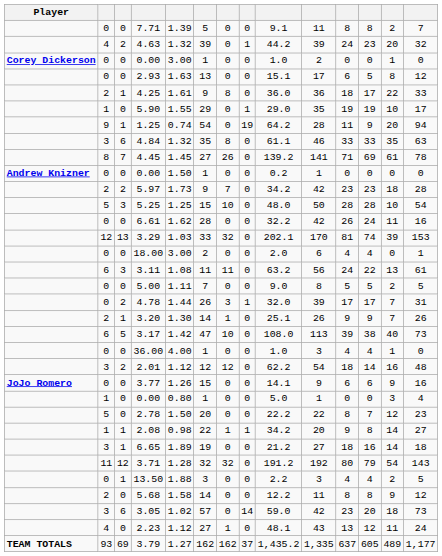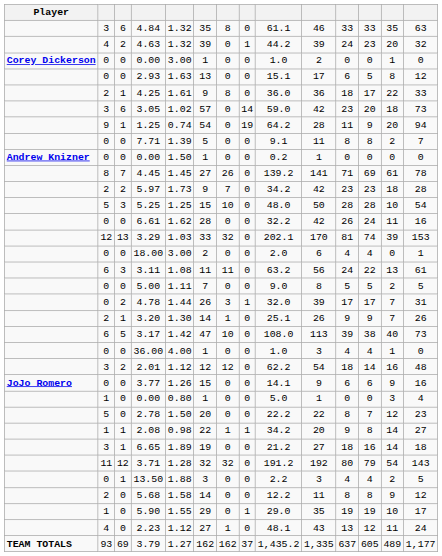 <table class="wikitable sortable" style="text-align:center;">
 <tr>
 <th>Player</th>
 <th></th>
 <th></th>
 <th></th>
 <th></th>
 <th></th>
 <th></th>
 <th></th>
 <th></th>
 <th></th>
 <th></th>
 <th></th>
 <th></th>
 <th></th>
 </tr>
 <tr>
-<td align=left></td>
+<td align=left><strong></strong></td>
+<td>3</td>
+<td>6</td>
+<td>4.84</td>
+<td>1.32</td>
+<td>35</td>
+<td>8</td>
 <td>0</td>
-<td>0</td>
-<td>7.71</td>
-<td>1.39</td>
-<td>5</td>
-<td>0</td>
-<td>0</td>
-<td>9.1</td>
-<td>11</td>
-<td>8</td>
-<td>8</td>
-<td>2</td>
-<td>7</td>
+<td>61.1</td>
+<td>46</td>
+<td>33</td>
+<td>33</td>
+<td>35</td>
+<td>63</td>
 </tr>
 <tr>
 <td align=left><strong></strong></td>
 <td>4</td>
 <td>2</td>
 <td>4.63</td>
 <td>1.32</td>
 <td>39</td>
 <td>0</td>
 <td>1</td>
 <td>44.2</td>
 <td>39</td>
 <td>24</td>
 <td>23</td>
 <td>20</td>
 <td>32</td>
 </tr>
 <tr>
 <td align=left><strong><a href='#'>Corey Dickerson</a></strong></td>
 <td>0</td>
 <td>0</td>
 <td>0.00</td>
 <td>3.00</td>
 <td>1</td>
 <td>0</td>
 <td>0</td>
 <td>1.0</td>
 <td>2</td>
 <td>0</td>
 <td>0</td>
 <td>1</td>
 <td>0</td>
 </tr>
 <tr>
 <td align=left></td>
 <td>0</td>
 <td>0</td>
 <td>2.93</td>
 <td>1.63</td>
 <td>13</td>
 <td>0</td>
 <td>0</td>
 <td>15.1</td>
 <td>17</td>
 <td>6</td>
 <td>5</td>
 <td>8</td>
 <td>12</td>
 </tr>
 <tr>
 <td align=left></td>
 <td>2</td>
 <td>1</td>
 <td>4.25</td>
 <td>1.61</td>
 <td>9</td>
 <td>8</td>
 <td>0</td>
 <td>36.0</td>
 <td>36</td>
 <td>18</td>
 <td>17</td>
 <td>22</td>
 <td>33</td>
 </tr>
 <tr>
-<td align=left></td>
-<td>1</td>
+<td align=left><strong></strong></td>
+<td>3</td>
+<td>6</td>
+<td>3.05</td>
+<td>1.02</td>
+<td>57</td>
 <td>0</td>
-<td>5.90</td>
-<td>1.55</td>
-<td>29</td>
-<td>0</td>
-<td>1</td>
-<td>29.0</td>
-<td>35</td>
-<td>19</td>
-<td>19</td>
-<td>10</td>
-<td>17</td>
+<td>14</td>
+<td>59.0</td>
+<td>42</td>
+<td>23</td>
+<td>20</td>
+<td>18</td>
+<td>73</td>
 </tr>
 <tr>
 <td align=left><strong></strong></td>
 <td>9</td>
 <td>1</td>
 <td>1.25</td>
 <td>0.74</td>
 <td>54</td>
 <td>0</td>
 <td>19</td>
 <td>64.2</td>
 <td>28</td>
 <td>11</td>
 <td>9</td>
 <td>20</td>
 <td>94</td>
 </tr>
 <tr>
-<td align=left><strong></strong></td>
-<td>3</td>
-<td>6</td>
-<td>4.84</td>
-<td>1.32</td>
-<td>35</td>
+<td align=left></td>
+<td>0</td>
+<td>0</td>
+<td>7.71</td>
+<td>1.39</td>
+<td>5</td>
+<td>0</td>
+<td>0</td>
+<td>9.1</td>
+<td>11</td>
 <td>8</td>
+<td>8</td>
+<td>2</td>
+<td>7</td>
+</tr>
+<tr>
+<td align=left><strong><a href='#'>Andrew Knizner</a></strong></td>
 <td>0</td>
-<td>61.1</td>
-<td>46</td>
-<td>33</td>
-<td>33</td>
-<td>35</td>
-<td>63</td>
+<td>0</td>
+<td>0.00</td>
+<td>1.50</td>
+<td>1</td>
+<td>0</td>
+<td>0</td>
+<td>0.2</td>
+<td>1</td>
+<td>0</td>
+<td>0</td>
+<td>0</td>
+<td>0</td>
 </tr>
 <tr>
 <td align=left><strong></strong></td>
 <td>8</td>
 <td>7</td>
 <td>4.45</td>
 <td>1.45</td>
 <td>27</td>
 <td>26</td>
 <td>0</td>
 <td>139.2</td>
 <td>141</td>
 <td>71</td>
 <td>69</td>
 <td>61</td>
 <td>78</td>
-</tr>
-<tr>
-<td align=left><strong><a href='#'>Andrew Knizner</a></strong></td>
-<td>0</td>
-<td>0</td>
-<td>0.00</td>
-<td>1.50</td>
-<td>1</td>
-<td>0</td>
-<td>0</td>
-<td>0.2</td>
-<td>1</td>
-<td>0</td>
-<td>0</td>
-<td>0</td>
-<td>0</td>
 </tr>
 <tr>
 <td align=left></td>
 <td>2</td>
 <td>2</td>
 <td>5.97</td>
 <td>1.73</td>
 <td>9</td>
 <td>7</td>
 <td>0</td>
 <td>34.2</td>
 <td>42</td>
 <td>23</td>
 <td>23</td>
 <td>18</td>
 <td>28</td>
 </tr>
 <tr>
 <td align=left></td>
 <td>5</td>
 <td>3</td>
 <td>5.25</td>
 <td>1.25</td>
 <td>15</td>
 <td>10</td>
 <td>0</td>
 <td>48.0</td>
 <td>50</td>
 <td>28</td>
 <td>28</td>
 <td>10</td>
 <td>54</td>
 </tr>
 <tr>
 <td align=left><strong></strong></td>
 <td>0</td>
 <td>0</td>
 <td>6.61</td>
 <td>1.62</td>
 <td>28</td>
 <td>0</td>
 <td>0</td>
 <td>32.2</td>
 <td>42</td>
 <td>26</td>
 <td>24</td>
 <td>11</td>
 <td>16</td>
 </tr>
 <tr>
 <td align=left><strong></strong></td>
 <td>12</td>
 <td>13</td>
 <td>3.29</td>
 <td>1.03</td>
 <td>33</td>
 <td>32</td>
 <td>0</td>
 <td>202.1</td>
 <td>170</td>
 <td>81</td>
 <td>74</td>
 <td>39</td>
 <td>153</td>
 </tr>
 <tr>
 <td align=left><strong></strong></td>
 <td>0</td>
 <td>0</td>
 <td>18.00</td>
 <td>3.00</td>
 <td>2</td>
 <td>0</td>
 <td>0</td>
 <td>2.0</td>
 <td>6</td>
 <td>4</td>
 <td>4</td>
 <td>0</td>
 <td>1</td>
 </tr>
 <tr>
 <td align=left><strong></strong></td>
 <td>6</td>
 <td>3</td>
 <td>3.11</td>
 <td>1.08</td>
 <td>11</td>
 <td>11</td>
 <td>0</td>
 <td>63.2</td>
 <td>56</td>
 <td>24</td>
 <td>22</td>
 <td>13</td>
 <td>61</td>
 </tr>
 <tr>
 <td align=left></td>
 <td>0</td>
 <td>0</td>
 <td>5.00</td>
 <td>1.11</td>
 <td>7</td>
 <td>0</td>
 <td>0</td>
 <td>9.0</td>
 <td>8</td>
 <td>5</td>
 <td>5</td>
 <td>2</td>
 <td>5</td>
 </tr>
 <tr>
 <td align=left><strong></strong></td>
 <td>0</td>
 <td>2</td>
 <td>4.78</td>
 <td>1.44</td>
 <td>26</td>
 <td>3</td>
 <td>1</td>
 <td>32.0</td>
 <td>39</td>
 <td>17</td>
 <td>17</td>
 <td>7</td>
 <td>31</td>
 </tr>
 <tr>
 <td align=left></td>
 <td>2</td>
 <td>1</td>
 <td>3.20</td>
 <td>1.30</td>
 <td>14</td>
 <td>1</td>
 <td>0</td>
 <td>25.1</td>
 <td>26</td>
 <td>9</td>
 <td>9</td>
 <td>7</td>
 <td>26</td>
 </tr>
 <tr>
 <td align=left><strong></strong></td>
 <td>6</td>
 <td>5</td>
 <td>3.17</td>
 <td>1.42</td>
 <td>47</td>
 <td>10</td>
 <td>0</td>
 <td>108.0</td>
 <td>113</td>
 <td>39</td>
 <td>38</td>
 <td>40</td>
 <td>73</td>
 </tr>
 <tr>
 <td align=left><strong></strong></td>
 <td>0</td>
 <td>0</td>
 <td>36.00</td>
 <td>4.00</td>
 <td>1</td>
 <td>0</td>
 <td>0</td>
 <td>1.0</td>
 <td>3</td>
 <td>4</td>
 <td>4</td>
 <td>1</td>
 <td>0</td>
 </tr>
 <tr>
 <td align=left><strong></strong></td>
 <td>3</td>
 <td>2</td>
 <td>2.01</td>
 <td>1.12</td>
 <td>12</td>
 <td>12</td>
 <td>0</td>
 <td>62.2</td>
 <td>54</td>
 <td>18</td>
 <td>14</td>
 <td>16</td>
 <td>48</td>
 </tr>
 <tr>
 <td align=left><strong><a href='#'>JoJo Romero</a></strong></td>
 <td>0</td>
 <td>0</td>
 <td>3.77</td>
 <td>1.26</td>
 <td>15</td>
 <td>0</td>
 <td>0</td>
 <td>14.1</td>
 <td>9</td>
 <td>6</td>
 <td>6</td>
 <td>9</td>
 <td>16</td>
 </tr>
 <tr>
 <td align=left></td>
 <td>1</td>
 <td>0</td>
 <td>0.00</td>
 <td>0.80</td>
 <td>1</td>
 <td>0</td>
 <td>0</td>
 <td>5.0</td>
 <td>1</td>
 <td>0</td>
 <td>0</td>
 <td>3</td>
 <td>4</td>
 </tr>
 <tr>
 <td align=left><strong></strong></td>
 <td>5</td>
 <td>0</td>
 <td>2.78</td>
 <td>1.50</td>
 <td>20</td>
 <td>0</td>
 <td>0</td>
 <td>22.2</td>
 <td>22</td>
 <td>8</td>
 <td>7</td>
 <td>12</td>
 <td>23</td>
 </tr>
 <tr>
 <td align=left></td>
 <td>1</td>
 <td>1</td>
 <td>2.08</td>
 <td>0.98</td>
 <td>22</td>
 <td>1</td>
 <td>1</td>
 <td>34.2</td>
 <td>20</td>
 <td>9</td>
 <td>8</td>
 <td>14</td>
 <td>27</td>
 </tr>
 <tr>
 <td align=left></td>
 <td>3</td>
 <td>1</td>
 <td>6.65</td>
 <td>1.89</td>
 <td>19</td>
 <td>0</td>
 <td>0</td>
 <td>21.2</td>
 <td>27</td>
 <td>18</td>
 <td>16</td>
 <td>14</td>
 <td>18</td>
 </tr>
 <tr>
 <td align=left><strong></strong></td>
 <td>11</td>
 <td>12</td>
 <td>3.71</td>
 <td>1.28</td>
 <td>32</td>
 <td>32</td>
 <td>0</td>
 <td>191.2</td>
 <td>192</td>
 <td>80</td>
 <td>79</td>
 <td>54</td>
 <td>143</td>
 </tr>
 <tr>
 <td align=left></td>
 <td>0</td>
 <td>1</td>
 <td>13.50</td>
 <td>1.88</td>
 <td>3</td>
 <td>0</td>
 <td>0</td>
 <td>2.2</td>
 <td>3</td>
 <td>4</td>
 <td>4</td>
 <td>2</td>
 <td>5</td>
 </tr>
 <tr>
 <td align=left></td>
 <td>2</td>
 <td>0</td>
 <td>5.68</td>
 <td>1.58</td>
 <td>14</td>
 <td>0</td>
 <td>0</td>
 <td>12.2</td>
 <td>11</td>
 <td>8</td>
 <td>8</td>
 <td>9</td>
 <td>12</td>
 </tr>
 <tr>
-<td align=left><strong></strong></td>
-<td>3</td>
-<td>6</td>
-<td>3.05</td>
-<td>1.02</td>
-<td>57</td>
+<td align=left></td>
+<td>1</td>
 <td>0</td>
-<td>14</td>
-<td>59.0</td>
-<td>42</td>
-<td>23</td>
-<td>20</td>
-<td>18</td>
-<td>73</td>
+<td>5.90</td>
+<td>1.55</td>
+<td>29</td>
+<td>0</td>
+<td>1</td>
+<td>29.0</td>
+<td>35</td>
+<td>19</td>
+<td>19</td>
+<td>10</td>
+<td>17</td>
 </tr>
 <tr>
 <td align=left></td>
 <td>4</td>
 <td>0</td>
 <td>2.23</td>
 <td>1.12</td>
 <td>27</td>
 <td>1</td>
 <td>0</td>
 <td>48.1</td>
 <td>43</td>
 <td>13</td>
 <td>12</td>
 <td>11</td>
 <td>24</td>
 </tr>
 <tr class="sortbottom">
 <td align="left"><strong>TEAM TOTALS</strong></td>
 <td>93</td>
 <td>69</td>
 <td>3.79</td>
 <td>1.27</td>
 <td>162</td>
 <td>162</td>
 <td>37</td>
 <td>1,435.2</td>
 <td>1,335</td>
 <td>637</td>
 <td>605</td>
 <td>489</td>
 <td>1,177</td>
 </tr>
 </table>
